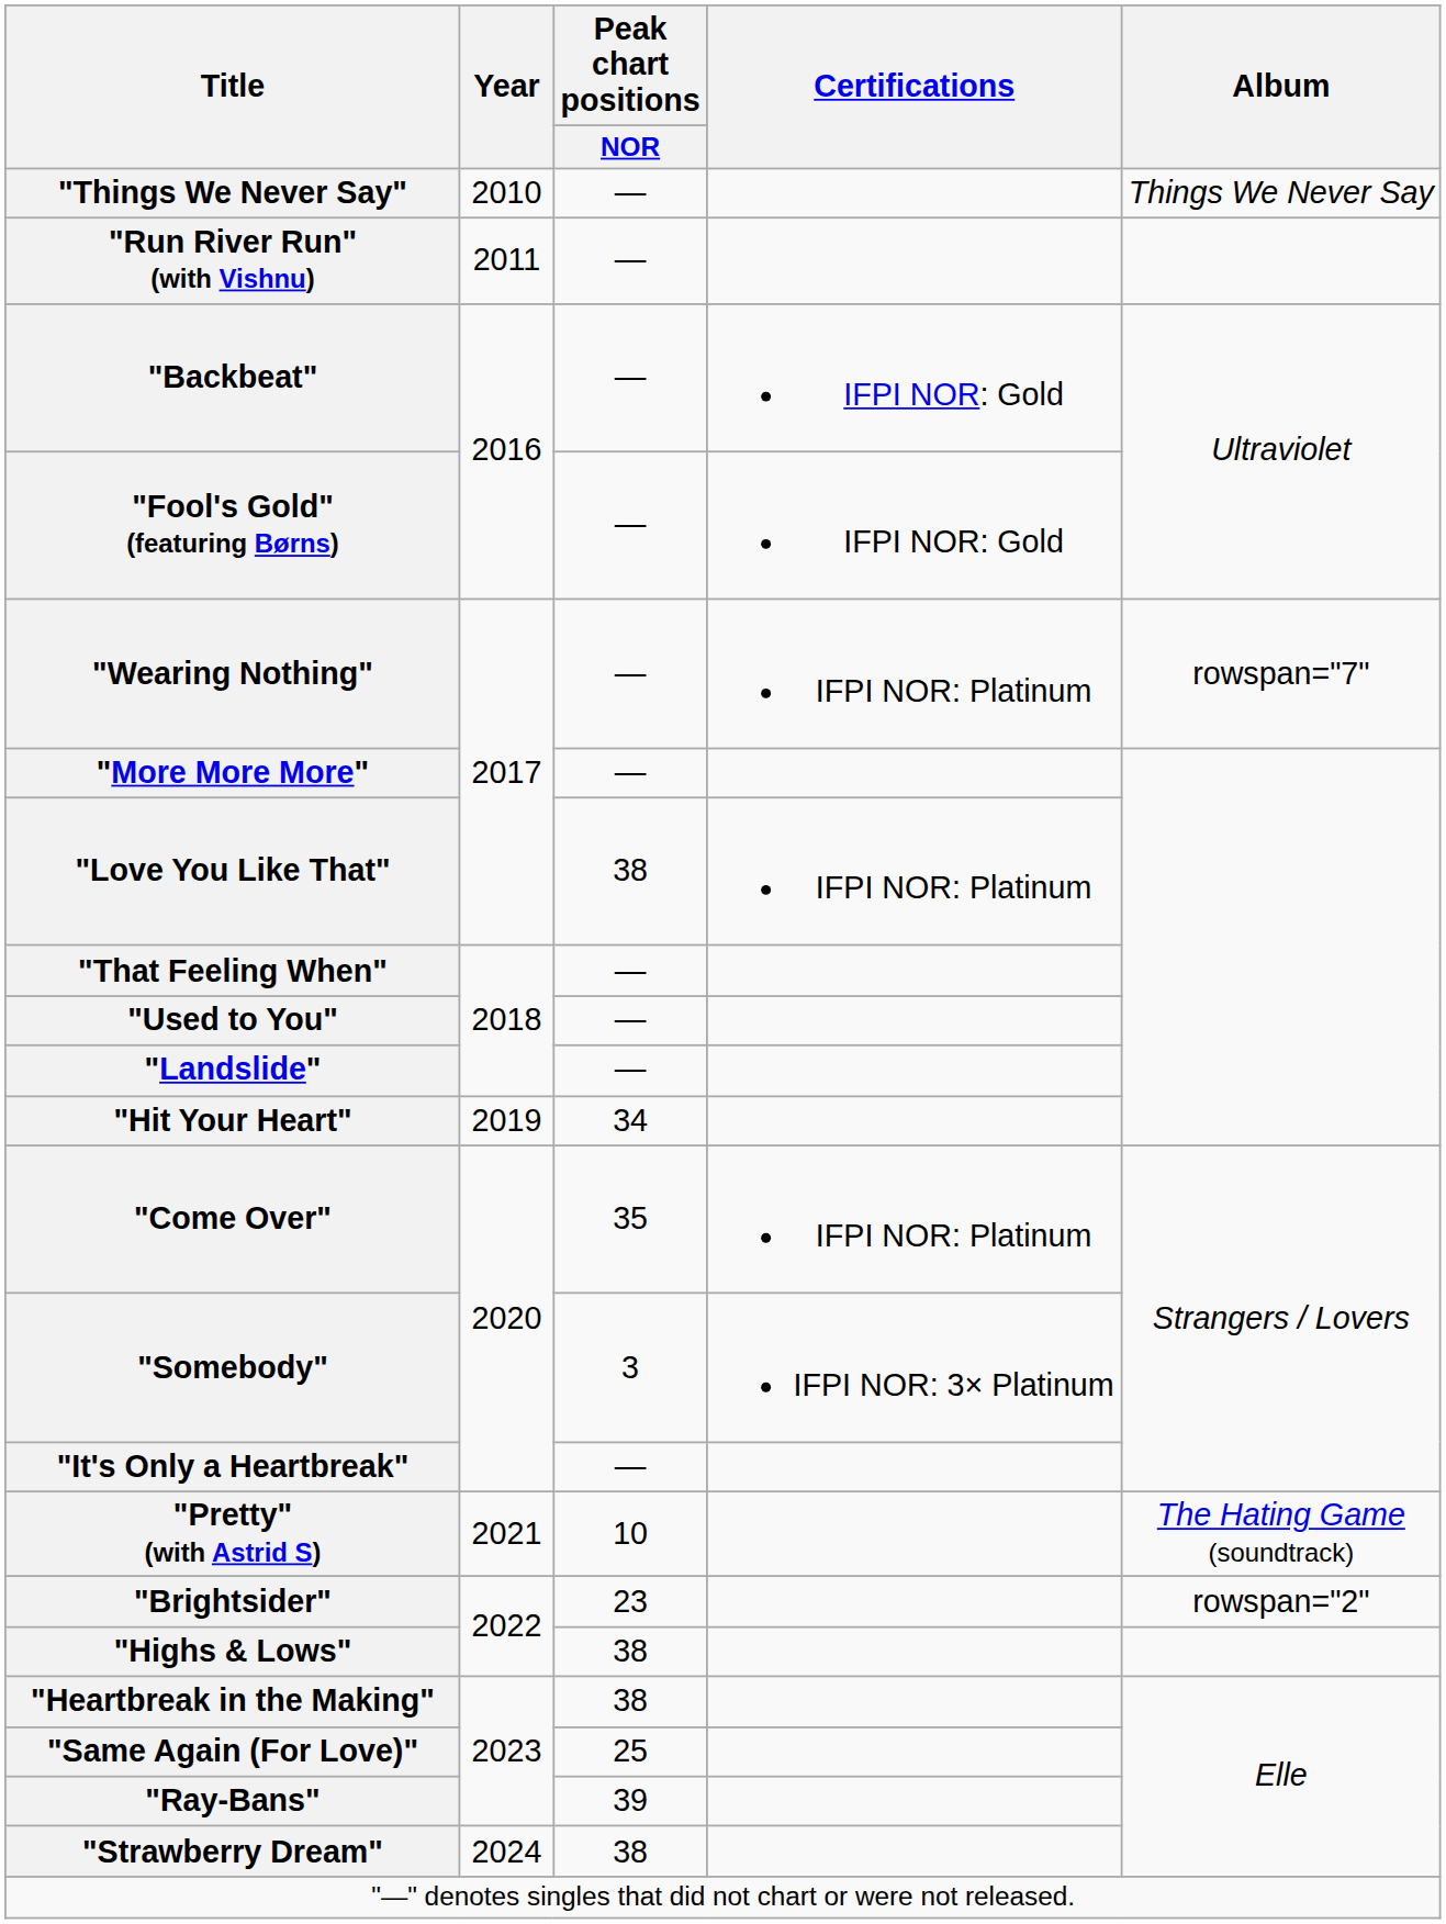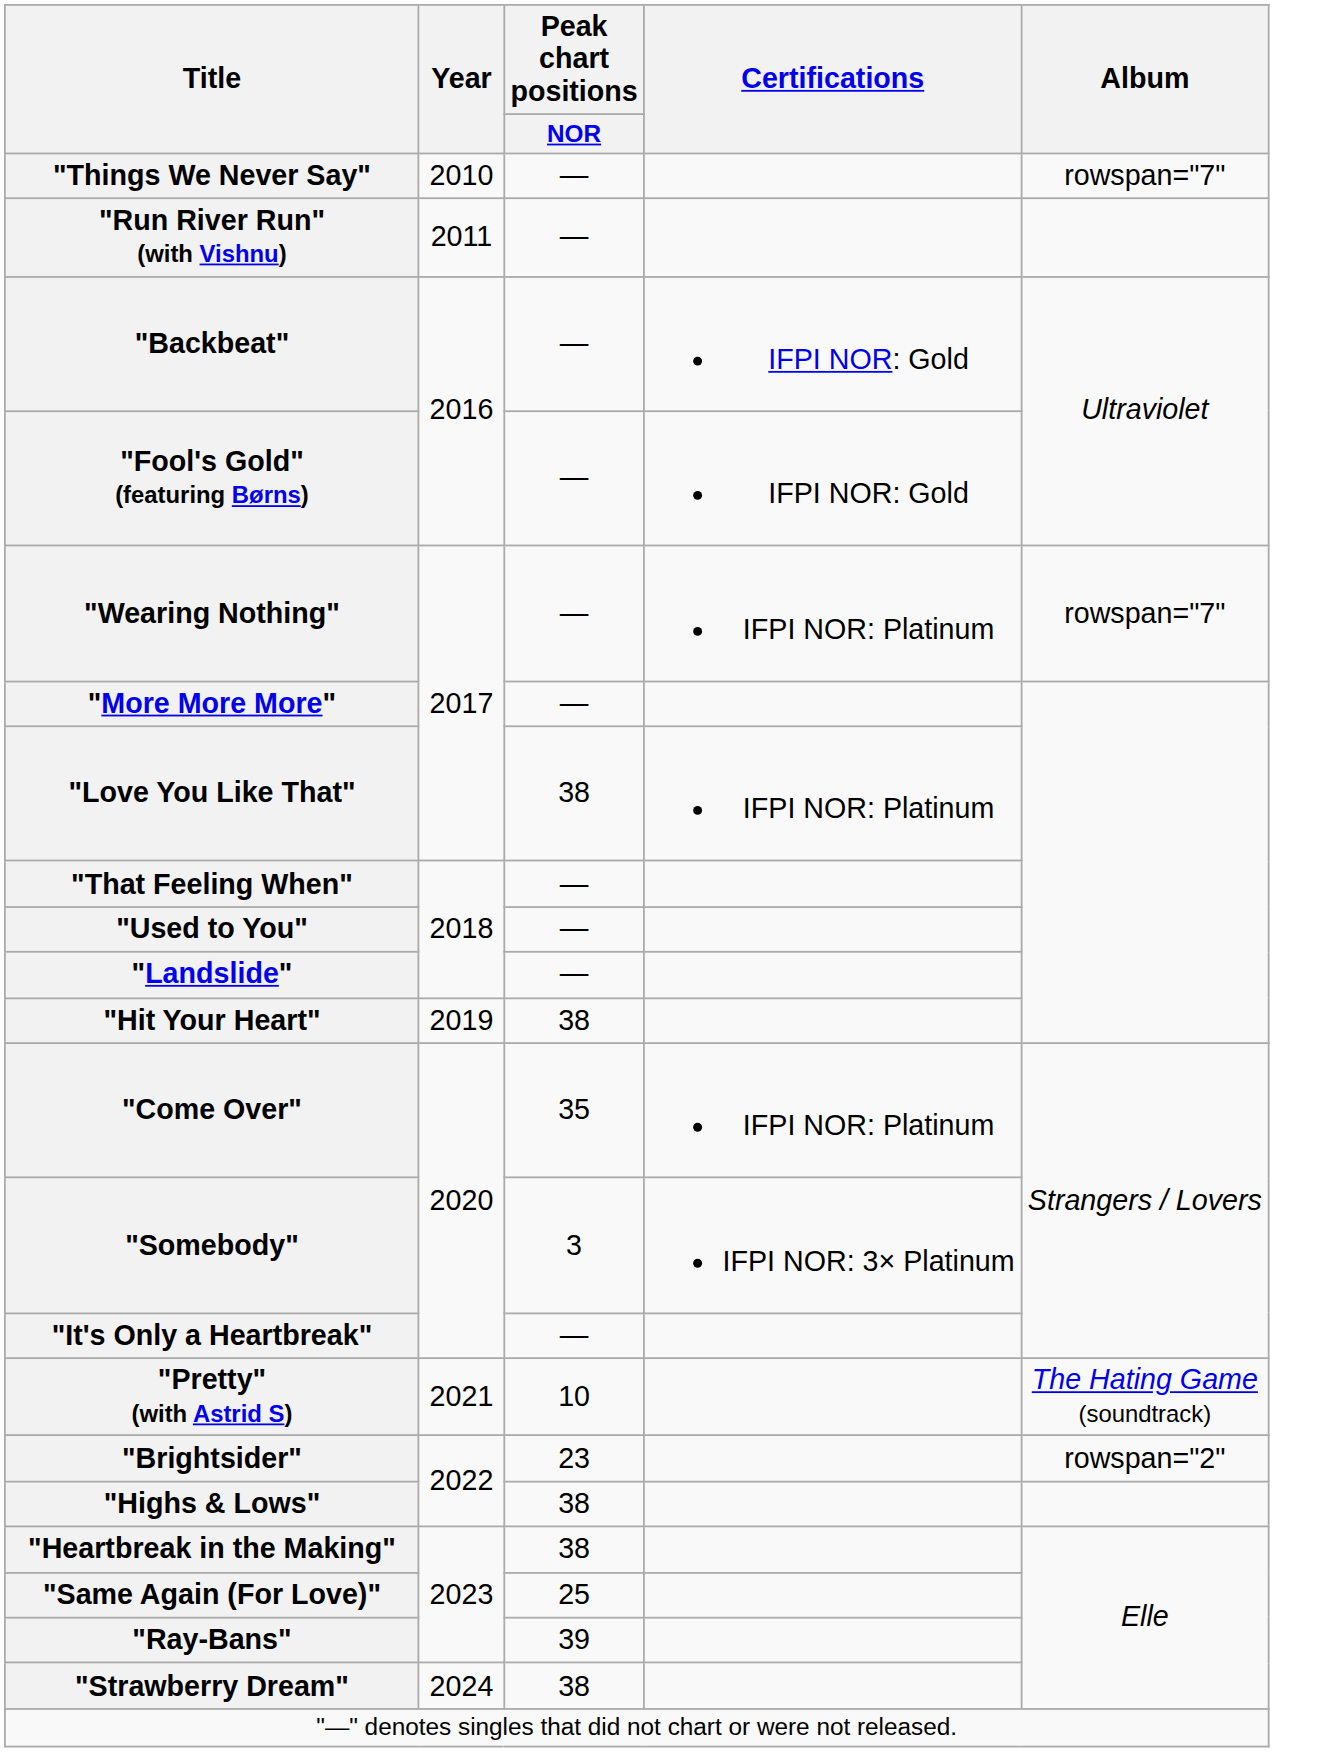 <table class="wikitable plainrowheaders" style="text-align:center;">
 <tr>
 <th scope="col" rowspan="2" style="width:14em;">Title</th>
 <th scope="col" rowspan="2" style="width:2.5em;">Year</th>
 <th scope="col" colspan="1">Peak chart positions</th>
 <th scope="col" rowspan="2"><a href='#'>Certifications</a></th>
 <th scope="col" rowspan="2">Album</th>
 </tr>
 <tr>
 <th scope="col" style="width:3.5em;font-size:85%"><a href='#'>NOR</a><br></th>
 </tr>
 <tr>
 <th scope="row">"Things We Never Say"<br></th>
 <td>2010</td>
 <td>—</td>
 <td></td>
-<td><em>Things We Never Say</em></td>
+<td>rowspan="7" </td>
 </tr>
 <tr>
 <th scope="row">"Run River Run" <br> <small>(with <a href='#'>Vishnu</a>)</small></th>
 <td>2011</td>
 <td>—</td>
 <td></td>
 <td></td>
 </tr>
 <tr>
 <th scope="row">"Backbeat"</th>
 <td rowspan="2">2016</td>
 <td>—</td>
 <td><br><ul><li><a href='#'>IFPI NOR</a>: Gold</li></ul></td>
 <td rowspan="2"><em>Ultraviolet</em></td>
 </tr>
 <tr>
 <th scope="row">"Fool's Gold"<br><small>(featuring <a href='#'>Børns</a>)</small></th>
 <td>—</td>
 <td><br><ul><li>IFPI NOR: Gold</li></ul></td>
 </tr>
 <tr>
 <th scope="row">"Wearing Nothing"</th>
 <td rowspan="3">2017</td>
 <td>—</td>
 <td><br><ul><li>IFPI NOR: Platinum</li></ul></td>
 <td>rowspan="7" </td>
 </tr>
 <tr>
 <th scope="row">"<a href='#'>More More More</a>"</th>
 <td>—</td>
 <td></td>
 </tr>
 <tr>
 <th scope="row">"Love You Like That"</th>
 <td>38</td>
 <td><br><ul><li>IFPI NOR: Platinum</li></ul></td>
 </tr>
 <tr>
 <th scope="row">"That Feeling When"</th>
 <td rowspan="3">2018</td>
 <td>—</td>
 <td></td>
 </tr>
 <tr>
 <th scope="row">"Used to You"</th>
 <td>—</td>
 <td></td>
 </tr>
 <tr>
 <th scope="row">"<a href='#'>Landslide</a>"</th>
 <td>—</td>
 <td></td>
 </tr>
 <tr>
 <th scope="row">"Hit Your Heart" <br></th>
 <td>2019</td>
-<td>34</td>
+<td>38<br></td>
 <td></td>
 </tr>
 <tr>
 <th scope="row">"Come Over"</th>
 <td rowspan="3">2020</td>
 <td>35</td>
 <td><br><ul><li>IFPI NOR: Platinum</li></ul></td>
 <td rowspan="3"><em>Strangers / Lovers</em></td>
 </tr>
 <tr>
 <th scope="row">"Somebody"</th>
 <td>3</td>
 <td><br><ul><li>IFPI NOR: 3× Platinum</li></ul></td>
 </tr>
 <tr>
 <th scope="row">"It's Only a Heartbreak"</th>
 <td>—</td>
 <td></td>
 </tr>
 <tr>
 <th scope="row">"Pretty"<br><small>(with <a href='#'>Astrid S</a>)</small></th>
 <td>2021</td>
 <td>10</td>
 <td></td>
 <td><em><a href='#'>The Hating Game</a></em><br><small>(soundtrack)</small></td>
 </tr>
 <tr>
 <th scope="row">"Brightsider"</th>
 <td rowspan="2">2022</td>
 <td>23</td>
 <td></td>
 <td>rowspan="2" </td>
 </tr>
 <tr>
 <th scope="row">"Highs & Lows"</th>
 <td>38<br></td>
 <td></td>
 </tr>
 <tr>
 <th scope="row">"Heartbreak in the Making"</th>
 <td rowspan="3">2023</td>
 <td>38</td>
 <td></td>
 <td rowspan="4"><em>Elle</em></td>
 </tr>
 <tr>
 <th scope="row">"Same Again (For Love)"</th>
 <td>25<br></td>
 <td></td>
 </tr>
 <tr>
 <th scope="row">"Ray-Bans"</th>
 <td>39<br></td>
 <td></td>
 </tr>
 <tr>
 <th scope="row">"Strawberry Dream"</th>
 <td>2024</td>
 <td>38<br></td>
 <td></td>
 </tr>
 <tr>
 <td colspan="5" style="font-size:85%">"—" denotes singles that did not chart or were not released.</td>
 </tr>
 </table>
